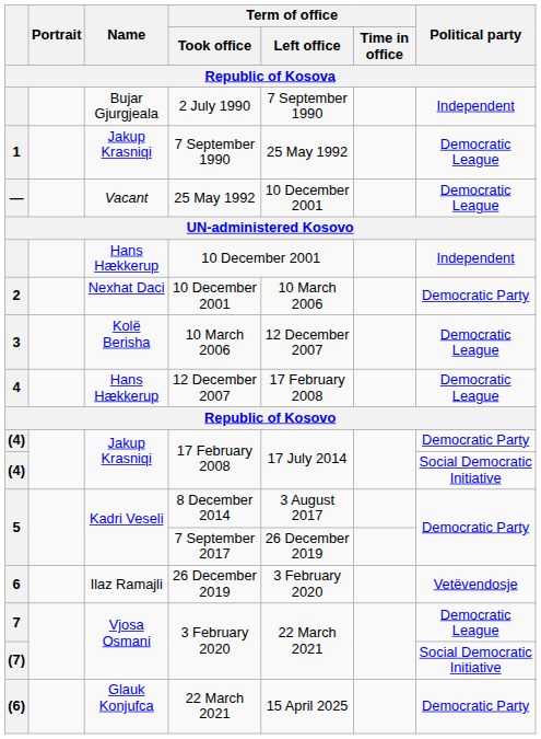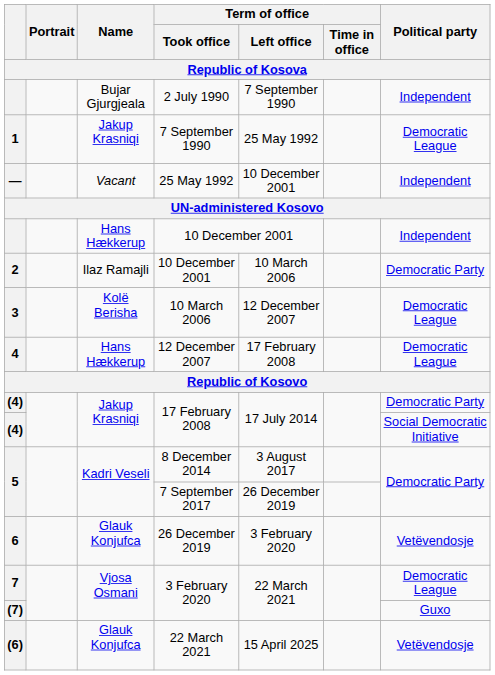 <table class="wikitable" style="text-align:center">
 <tr>
 <th rowspan=2></th>
 <th rowspan=2>Portrait</th>
 <th rowspan=2>Name<br></th>
 <th colspan=3>Term of office</th>
 <th rowspan=2>Political party</th>
 </tr>
 <tr>
 <th>Took office</th>
 <th>Left office</th>
 <th>Time in office</th>
 </tr>
 <tr>
 <th colspan="9"><a href='#'>Republic of Kosova</a></th>
 </tr>
 <tr>
 <th style="background:"></th>
 <td></td>
 <td>Bujar Gjurgjeala<br></td>
 <td>2 July 1990</td>
 <td>7 September 1990</td>
 <td></td>
 <td><a href='#'>Independent</a></td>
 </tr>
 <tr>
 <th style="background:">1</th>
 <td></td>
 <td><a href='#'>Jakup Krasniqi</a><br><br></td>
 <td>7 September 1990</td>
 <td>25 May 1992</td>
 <td></td>
 <td><a href='#'>Democratic League</a></td>
 </tr>
 <tr>
 <th style="background:">—</th>
 <td></td>
 <td><em>Vacant</em></td>
 <td>25 May 1992</td>
 <td>10 December 2001</td>
 <td></td>
-<td><a href='#'>Democratic League</a></td>
+<td><a href='#'>Independent</a></td>
 </tr>
 <tr>
 <th colspan="9"><a href='#'>UN-administered Kosovo</a></th>
 </tr>
 <tr>
 <th style="background:"></th>
 <td></td>
 <td><a href='#'>Hans Hækkerup</a><br></td>
 <td colspan="2">10 December 2001</td>
 <td></td>
 <td><a href='#'>Independent</a></td>
 </tr>
 <tr>
 <th style="background:">2</th>
 <td></td>
-<td><a href='#'>Nexhat Daci</a><br><br></td>
+<td>Ilaz Ramajli<br></td>
 <td>10 December 2001</td>
 <td>10 March 2006</td>
 <td></td>
 <td><a href='#'>Democratic Party</a></td>
 </tr>
 <tr>
 <th style="background:">3</th>
 <td></td>
 <td><a href='#'>Kolë Berisha</a><br><br></td>
 <td>10 March 2006</td>
 <td>12 December 2007</td>
 <td></td>
 <td><a href='#'>Democratic League</a></td>
 </tr>
 <tr>
 <th style="background:">4</th>
 <td></td>
 <td><a href='#'>Hans Hækkerup</a><br></td>
 <td>12 December 2007</td>
 <td>17 February 2008</td>
 <td></td>
 <td><a href='#'>Democratic League</a></td>
 </tr>
 <tr>
 <th colspan="9"><a href='#'>Republic of Kosovo</a></th>
 </tr>
 <tr>
 <th style="background:">(4)</th>
 <td rowspan=2></td>
 <td rowspan=2><a href='#'>Jakup Krasniqi</a><br><br></td>
 <td rowspan=2>17 February 2008</td>
 <td rowspan=2>17 July 2014</td>
 <td rowspan=2></td>
 <td><a href='#'>Democratic Party</a><br></td>
 </tr>
 <tr>
 <th style="background:">(4)</th>
 <td><a href='#'>Social Democratic Initiative</a><br></td>
 </tr>
 <tr>
 <th rowspan="2" style="background:">5</th>
 <td rowspan="2"></td>
 <td rowspan="2"><a href='#'>Kadri Veseli</a><br><br></td>
 <td>8 December 2014</td>
 <td>3 August 2017</td>
 <td></td>
 <td rowspan="2"><a href='#'>Democratic Party</a></td>
 </tr>
 <tr>
 <td>7 September 2017</td>
 <td>26 December 2019</td>
 <td></td>
 </tr>
 <tr>
 <th style="background:">6</th>
 <td></td>
-<td>Ilaz Ramajli<br></td>
+<td><a href='#'>Glauk Konjufca</a><br><br></td>
 <td>26 December 2019</td>
 <td>3 February 2020</td>
 <td></td>
 <td><a href='#'>Vetëvendosje</a></td>
 </tr>
 <tr>
 <th style="background:">7</th>
 <td rowspan=2></td>
 <td rowspan=2><a href='#'>Vjosa Osmani</a><br><br></td>
 <td rowspan=2>3 February 2020</td>
 <td rowspan=2>22 March 2021</td>
 <td rowspan=2></td>
 <td><a href='#'>Democratic League</a><br></td>
 </tr>
 <tr>
 <th style="background:">(7)</th>
-<td><a href='#'>Social Democratic Initiative</a><br></td>
+<td><a href='#'>Guxo</a><br></td>
 </tr>
 <tr>
 <th style="background:">(6)</th>
 <td></td>
 <td><a href='#'>Glauk Konjufca</a><br><br></td>
 <td>22 March 2021</td>
 <td>15 April 2025</td>
 <td></td>
-<td><a href='#'>Democratic Party</a><br></td>
+<td><a href='#'>Vetëvendosje</a></td>
 </tr>
 </table>
